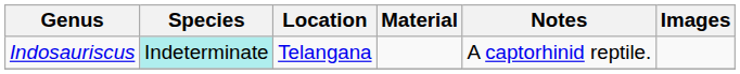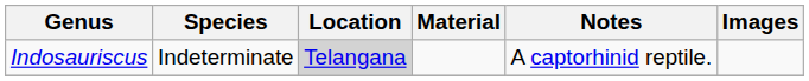 <table class="wikitable" align="center">
 <tr>
 <th>Genus</th>
 <th>Species</th>
 <th>Location</th>
 <th>Material</th>
 <th>Notes</th>
 <th>Images</th>
 </tr>
 <tr>
 <td><em><a href='#'>Indosauriscus</a></em></td>
-<td style="background: paleturquoise;">Indeterminate</td>
-<td><a href='#'>Telangana</a></td>
+<td>Indeterminate</td>
+<td style="background: lightgrey;"><a href='#'>Telangana</a></td>
 <td></td>
 <td>A <a href='#'>captorhinid</a> reptile.</td>
 <td></td>
 </tr>
 <tr>
 </tr>
 </table>
